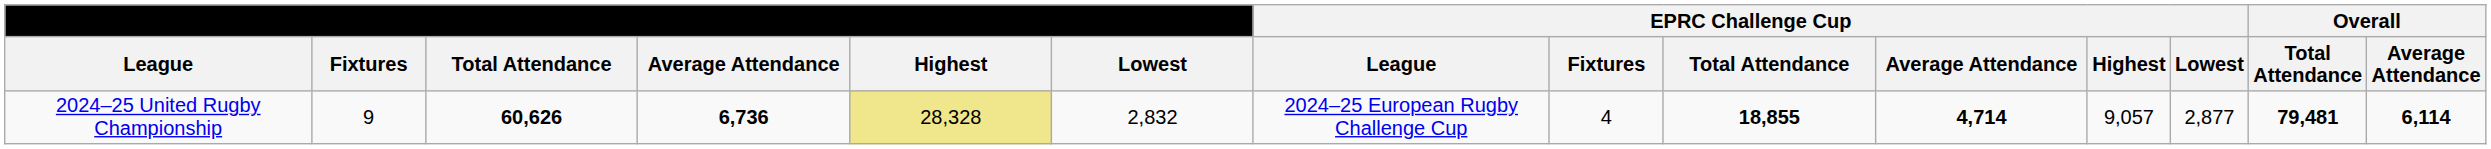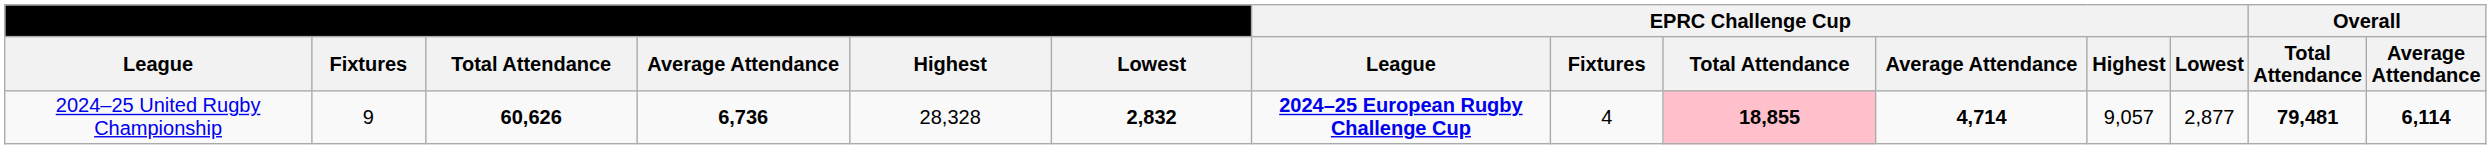 <table class="wikitable sortable" style="font-size:90%; width:90%;">
 <tr>
 <td colspan="6" class="wikitable sortable" style="width:45%; background:#000000; text-align:center;"><span><strong>Domestic League</strong></span></td>
 <th colspan="6">EPRC Challenge Cup</th>
 <th colspan="2">Overall</th>
 </tr>
 <tr>
 <th style="width:15%;">League</th>
 <th style="width:5%;">Fixtures</th>
 <th style="width:10%;">Total Attendance</th>
 <th style="width:10%;">Average Attendance</th>
 <th style="width:10%;">Highest</th>
 <th style="width:10%;">Lowest</th>
 <th style="width:15%;">League</th>
 <th style="width:5%;">Fixtures</th>
 <th style="width:10%;">Total Attendance</th>
 <th style="width:10%;">Average Attendance</th>
 <th style="width:10%;">Highest</th>
 <th style="width:10%;">Lowest</th>
 <th style="width:10%;">Total Attendance</th>
 <th style="width:10%;"><strong>Average Attendance</strong></th>
 </tr>
 <tr>
 <td align="center"><a href='#'>2024–25 United Rugby Championship</a></td>
 <td align="center">9</td>
 <td align="center"><strong>60,626</strong></td>
 <td align="center"><strong>6,736</strong></td>
-<td align="center" style="background: khaki;">28,328</td>
-<td align="center">2,832</td>
-<td align="center"><a href='#'>2024–25 European Rugby Challenge Cup</a></td>
+<td align="center">28,328</td>
+<td align="center"><strong>2,832</strong></td>
+<td align="center"><strong><a href='#'>2024–25 European Rugby Challenge Cup</a></strong></td>
 <td align="center">4</td>
-<td align="center"><strong>18,855</strong></td>
+<td align="center" style="background: pink;"><strong>18,855</strong></td>
 <td align="center"><strong>4,714</strong></td>
 <td align="center">9,057</td>
 <td align="center">2,877</td>
 <td align="center"><strong>79,481</strong></td>
 <td align="center"><strong>6,114</strong></td>
 </tr>
 </table>
